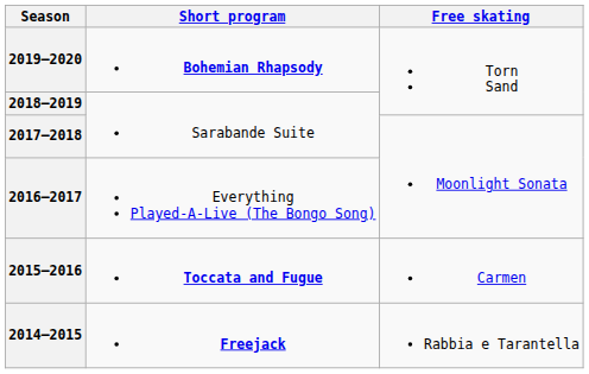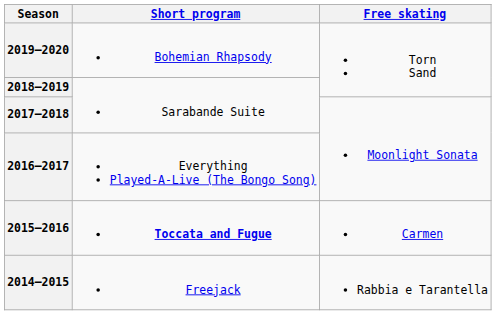 <table class=wikitable style=text-align:center>
 <tr>
 <th>Season</th>
 <th><a href='#'>Short program</a></th>
 <th><a href='#'>Free skating</a></th>
 </tr>
 <tr>
 <th>2019–2020 <br> </th>
-<td><strong><br><ul><li><a href='#'>Bohemian Rhapsody</a> <br></li></ul></strong></td>
+<td><br><ul><li><a href='#'>Bohemian Rhapsody</a> <br></li></ul></td>
 <td rowspan=2><br><ul><li>Torn <br></li><li>Sand <br></li></ul></td>
 </tr>
 <tr>
 <th>2018–2019 <br> </th>
 <td rowspan=2><br><ul><li>Sarabande Suite <br></li></ul></td>
 </tr>
 <tr>
 <th>2017–2018 <br> </th>
 <td rowspan=2><br><ul><li><a href='#'>Moonlight Sonata</a> <br></li></ul></td>
 </tr>
 <tr>
 <th>2016–2017 <br> </th>
 <td><br><ul><li>Everything <br></li><li><a href='#'>Played-A-Live (The Bongo Song)</a> <br></li></ul></td>
 </tr>
 <tr>
 <th>2015–2016 <br> </th>
 <td><strong><br><ul><li><a href='#'>Toccata and Fugue</a> <br></li></ul></strong></td>
 <td><br><ul><li><a href='#'>Carmen</a> <br></li></ul></td>
 </tr>
 <tr>
 <th>2014–2015 <br> </th>
-<td><strong><br><ul><li><a href='#'>Freejack</a> <br></li></ul></strong></td>
+<td><br><ul><li><a href='#'>Freejack</a> <br></li></ul></td>
 <td><br><ul><li>Rabbia e Tarantella <br></li></ul></td>
 </tr>
 </table>
